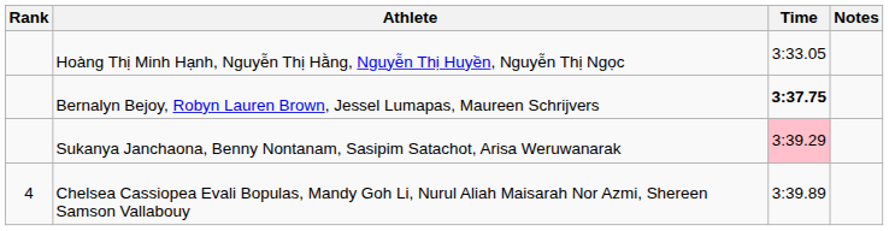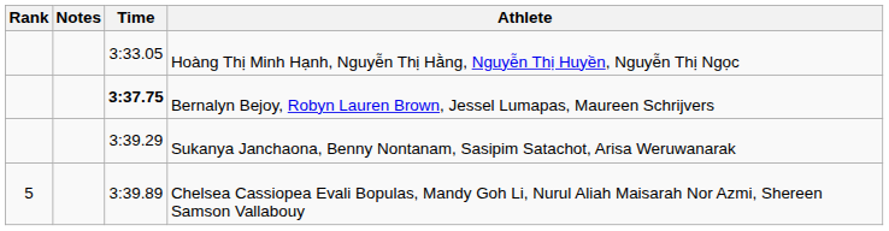 <table class="wikitable sortable" style="text-align:center">
 <tr>
 <th>Rank</th>
+<th>Notes</th>
+<th>Time</th>
 <th>Athlete</th>
-<th>Time</th>
-<th>Notes</th>
 </tr>
 <tr>
 <td></td>
+<td></td>
+<td>3:33.05</td>
 <td align=left><br> Hoàng Thị Minh Hạnh, Nguyễn Thị Hằng, <a href='#'>Nguyễn Thị Huyền</a>, Nguyễn Thị Ngọc</td>
-<td>3:33.05</td>
-<td></td>
 </tr>
 <tr>
 <td></td>
+<td></td>
+<td><strong>3:37.75</strong></td>
 <td align=left><br> Bernalyn Bejoy, <a href='#'>Robyn Lauren Brown</a>, Jessel Lumapas, Maureen Schrijvers</td>
-<td><strong>3:37.75</strong></td>
-<td></td>
 </tr>
 <tr>
 <td></td>
+<td></td>
+<td>3:39.29</td>
 <td align=left><br> Sukanya Janchaona, Benny Nontanam, Sasipim Satachot, Arisa Weruwanarak</td>
-<td style="background: pink;">3:39.29</td>
-<td></td>
 </tr>
 <tr>
-<td>4</td>
+<td>5</td>
+<td></td>
+<td>3:39.89</td>
 <td align=left><br> Chelsea Cassiopea Evali Bopulas, Mandy Goh Li, Nurul Aliah Maisarah Nor Azmi, Shereen Samson Vallabouy</td>
-<td>3:39.89</td>
-<td></td>
 </tr>
 </table>
